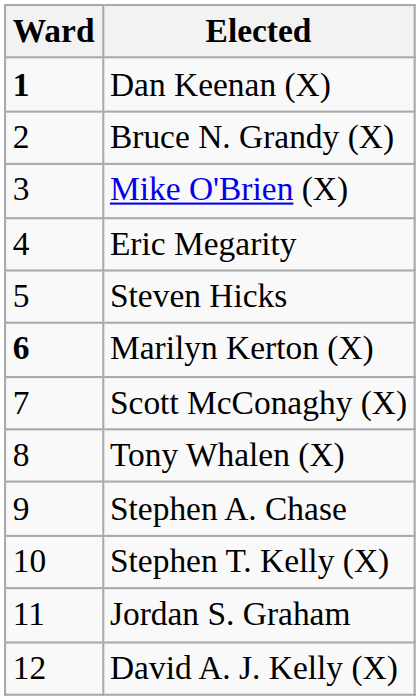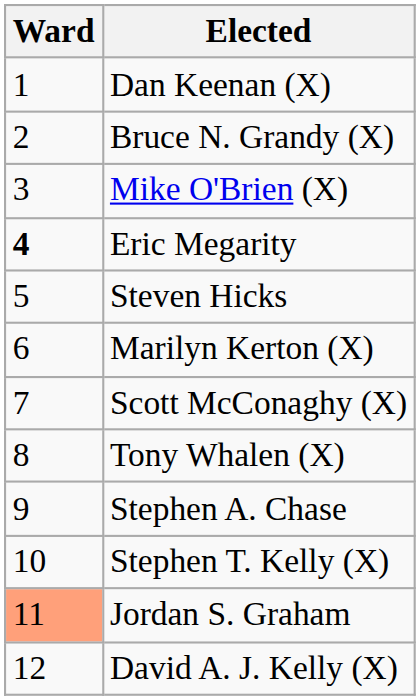 <table class="wikitable">
 <tr>
 <th>Ward</th>
 <th>Elected</th>
 </tr>
 <tr>
-<td><strong>1</strong></td>
+<td>1</td>
 <td>Dan Keenan (X)</td>
 </tr>
 <tr>
 <td>2</td>
 <td>Bruce N. Grandy (X)</td>
 </tr>
 <tr>
 <td>3</td>
 <td><a href='#'>Mike O'Brien</a> (X)</td>
 </tr>
 <tr>
-<td>4</td>
+<td><strong>4</strong></td>
 <td>Eric Megarity</td>
 </tr>
 <tr>
 <td>5</td>
 <td>Steven Hicks</td>
 </tr>
 <tr>
-<td><strong>6</strong></td>
+<td>6</td>
 <td>Marilyn Kerton (X)</td>
 </tr>
 <tr>
 <td>7</td>
 <td>Scott McConaghy (X)</td>
 </tr>
 <tr>
 <td>8</td>
 <td>Tony Whalen (X)</td>
 </tr>
 <tr>
 <td>9</td>
 <td>Stephen A. Chase</td>
 </tr>
 <tr>
 <td>10</td>
 <td>Stephen T. Kelly (X)</td>
 </tr>
 <tr>
-<td>11</td>
+<td style="background: lightsalmon;">11</td>
 <td>Jordan S. Graham</td>
 </tr>
 <tr>
 <td>12</td>
 <td>David A. J. Kelly (X)</td>
 </tr>
 </table>
